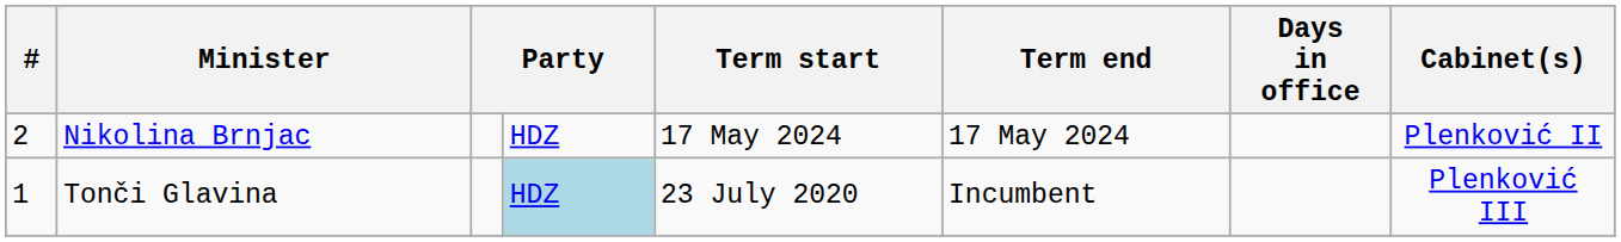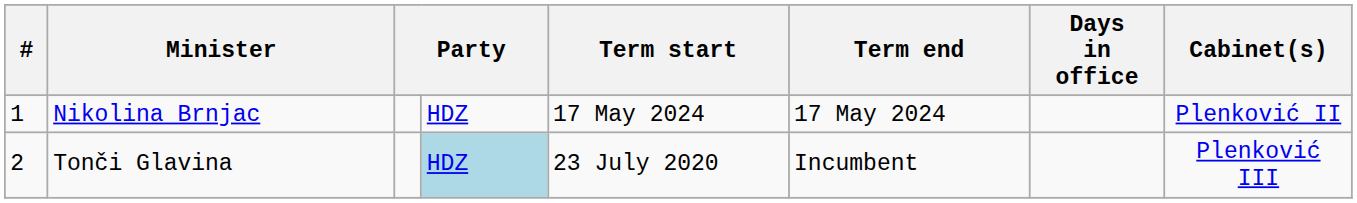 <table class="wikitable" style="text-align: left;">
 <tr>
 <th align=center width="18">#</th>
 <th width="190">Minister</th>
 <th colspan=2 width="80">Party</th>
 <th width="130">Term start</th>
 <th width="130">Term end</th>
 <th width=70>Days<br> in office</th>
 <th width="100">Cabinet(s)</th>
 </tr>
 <tr>
-<td>2</td>
+<td>1</td>
 <td><a href='#'>Nikolina Brnjac</a></td>
 <td style="background-color: "></td>
 <td><a href='#'>HDZ</a></td>
 <td>17 May 2024</td>
 <td>17 May 2024</td>
 <td align=right></td>
 <td align=center><a href='#'>Plenković II</a></td>
 </tr>
 <tr>
-<td>1</td>
+<td>2</td>
 <td>Tonči Glavina</td>
 <td style="background-color: "></td>
 <td style="background: lightblue;"><a href='#'>HDZ</a></td>
 <td>23 July 2020</td>
 <td>Incumbent</td>
 <td align=right></td>
 <td align=center><a href='#'>Plenković III</a></td>
 </tr>
 </table>
